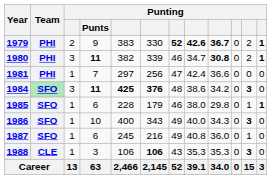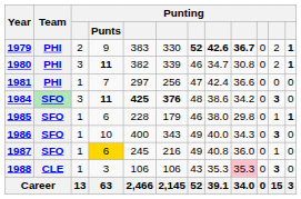 <table class=wikitable style="text-align:center;">
 <tr>
 <th rowspan="2">Year</th>
 <th rowspan="2">Team</th>
 <th colspan="10">Punting</th>
 </tr>
 <tr>
 <th></th>
 <th>Punts</th>
 <th></th>
 <th></th>
 <th></th>
 <th></th>
 <th></th>
 <th></th>
 <th></th>
 <th></th>
 </tr>
 <tr>
 <th><a href='#'>1979</a></th>
 <th><a href='#'>PHI</a></th>
 <td>2</td>
 <td>9</td>
 <td>383</td>
 <td>330</td>
 <td><strong>52</strong></td>
 <td><strong>42.6</strong></td>
 <td><strong>36.7</strong></td>
 <td>0</td>
 <td>2</td>
 <td><strong>1</strong></td>
 </tr>
 <tr>
 <th><a href='#'>1980</a></th>
 <th><a href='#'>PHI</a></th>
 <td>3</td>
 <td><strong>11</strong></td>
 <td>382</td>
 <td>339</td>
 <td>46</td>
 <td>34.7</td>
-<td><strong>30.8</strong></td>
+<td>30.8</td>
 <td>0</td>
 <td>2</td>
 <td><strong>1</strong></td>
 </tr>
 <tr>
 <th><a href='#'>1981</a></th>
 <th><a href='#'>PHI</a></th>
 <td>1</td>
 <td>7</td>
 <td>297</td>
 <td>256</td>
 <td>47</td>
 <td>42.4</td>
 <td>36.6</td>
 <td>0</td>
 <td>0</td>
 <td>0</td>
 </tr>
 <tr>
 <th><a href='#'>1984</a></th>
 <th style="background:#afe6ba; width:3em;"><a href='#'>SFO</a></th>
 <td>3</td>
 <td><strong>11</strong></td>
 <td><strong>425</strong></td>
 <td><strong>376</strong></td>
 <td>48</td>
 <td>38.6</td>
 <td>34.2</td>
 <td>0</td>
 <td><strong>3</strong></td>
 <td>0</td>
 </tr>
 <tr>
 <th><a href='#'>1985</a></th>
 <th><a href='#'>SFO</a></th>
 <td>1</td>
 <td>6</td>
 <td>228</td>
 <td>179</td>
 <td>46</td>
 <td>38.0</td>
 <td>29.8</td>
 <td>0</td>
 <td>1</td>
 <td><strong>1</strong></td>
 </tr>
 <tr>
 <th><a href='#'>1986</a></th>
 <th><a href='#'>SFO</a></th>
 <td>1</td>
 <td>10</td>
 <td>400</td>
 <td>343</td>
 <td>49</td>
 <td>40.0</td>
 <td>34.3</td>
 <td>0</td>
 <td><strong>3</strong></td>
 <td>0</td>
 </tr>
 <tr>
 <th><a href='#'>1987</a></th>
 <th><a href='#'>SFO</a></th>
 <td>1</td>
-<td>6</td>
+<td style="background: gold;">6</td>
 <td>245</td>
 <td>216</td>
 <td>49</td>
 <td>40.8</td>
 <td>36.0</td>
 <td>0</td>
 <td>1</td>
 <td>0</td>
 </tr>
 <tr>
 <th><a href='#'>1988</a></th>
 <th><a href='#'>CLE</a></th>
 <td>1</td>
 <td>3</td>
 <td>106</td>
-<td><strong>106</strong></td>
+<td>106</td>
 <td>43</td>
 <td>35.3</td>
-<td>35.3</td>
+<td style="background: pink;">35.3</td>
 <td>0</td>
 <td><strong>3</strong></td>
 <td>0</td>
 </tr>
 <tr>
 <th colspan="2">Career</th>
 <th>13</th>
 <th>63</th>
 <th>2,466</th>
 <th>2,145</th>
 <th>52</th>
 <th>39.1</th>
 <th>34.0</th>
 <th>0</th>
 <th>15</th>
 <th>3</th>
 </tr>
 </table>
